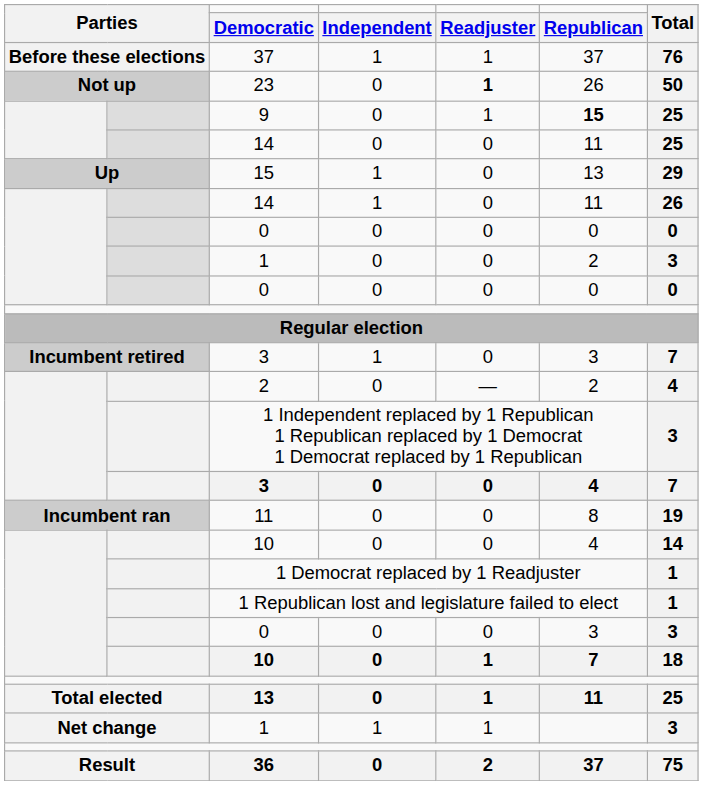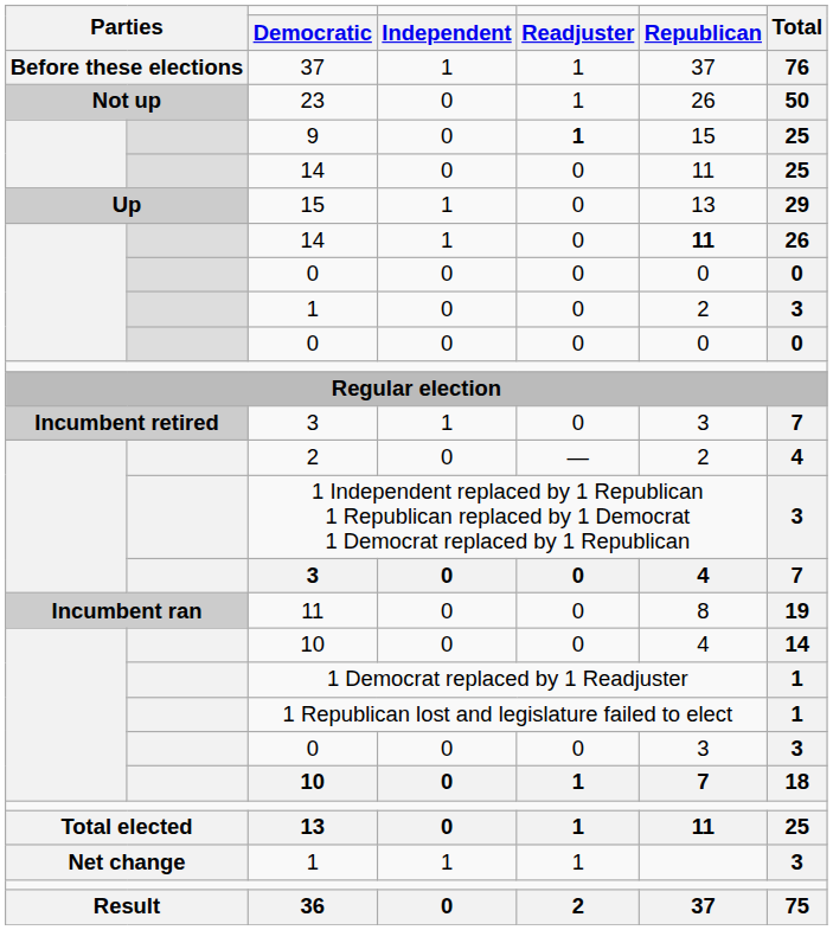 <table class=wikitable style=text-align:center>
 <tr>
 <th colspan=2 rowspan=2>Parties</th>
 <td style="background-color:"></td>
 <td style="background-color:"></td>
 <td style="background-color:"></td>
 <td style="background-color:"></td>
 <th rowspan=2>Total</th>
 </tr>
 <tr valign=bottom>
 <th><a href='#'>Democratic</a></th>
 <th><a href='#'>Independent</a></th>
 <th><a href='#'>Readjuster</a></th>
 <th><a href='#'>Republican</a></th>
 </tr>
 <tr>
 <th colspan=2>Before these elections</th>
 <td>37</td>
 <td>1</td>
 <td>1</td>
 <td>37</td>
 <th>76</th>
 </tr>
 <tr>
 <th colspan=2 style="background:#ccc">Not up</th>
 <td>23</td>
 <td>0</td>
-<td><strong>1</strong></td>
+<td>1</td>
 <td>26</td>
 <th>50</th>
 </tr>
 <tr>
 <th rowspan=2></th>
 <th style="background:#ddd"></th>
 <td>9</td>
 <td>0</td>
-<td>1</td>
-<td><strong>15</strong></td>
+<td><strong>1</strong></td>
+<td>15</td>
 <th>25</th>
 </tr>
 <tr>
 <th style="background:#ddd"></th>
 <td>14</td>
 <td>0</td>
 <td>0</td>
 <td>11</td>
 <th>25</th>
 </tr>
 <tr>
 <th colspan=2 style="background:#ccc">Up</th>
 <td>15 </td>
 <td>1</td>
 <td>0</td>
 <td>13 </td>
 <th>29 </th>
 </tr>
 <tr>
 <th rowspan=4></th>
 <th style="background:#ddd"></th>
 <td>14</td>
 <td>1</td>
 <td>0</td>
-<td>11</td>
+<td><strong>11</strong></td>
 <th>26</th>
 </tr>
 <tr>
 <th style="background:#ddd"></th>
 <td>0</td>
 <td>0</td>
 <td>0</td>
 <td>0</td>
 <th>0</th>
 </tr>
 <tr>
 <th style="background:#ddd"></th>
 <td>1</td>
 <td>0</td>
 <td>0</td>
 <td>2</td>
 <th>3</th>
 </tr>
 <tr>
 <th style="background:#ddd"></th>
 <td>0</td>
 <td>0</td>
 <td>0</td>
 <td>0</td>
 <th>0</th>
 </tr>
 <tr>
 <td colspan=99></td>
 </tr>
 <tr>
 <th colspan=7 style="background:#bbb">Regular election</th>
 </tr>
 <tr>
 <th colspan=2 style="background:#ccc">Incumbent retired</th>
 <td>3</td>
 <td>1</td>
 <td>0</td>
 <td>3</td>
 <th>7</th>
 </tr>
 <tr>
 <th rowspan=3></th>
 <th></th>
 <td>2</td>
 <td>0</td>
 <td>—</td>
 <td>2</td>
 <th>4</th>
 </tr>
 <tr>
 <th></th>
 <td colspan=4>1 Independent replaced by 1 Republican<br>1 Republican replaced by 1 Democrat<br>1 Democrat replaced by 1 Republican</td>
 <th>3</th>
 </tr>
 <tr>
 <th></th>
 <th>3</th>
 <th>0</th>
 <th>0</th>
 <th>4</th>
 <th>7</th>
 </tr>
 <tr>
 <th colspan=2 style="background:#ccc">Incumbent ran</th>
 <td>11</td>
 <td>0</td>
 <td>0</td>
 <td>8</td>
 <th>19</th>
 </tr>
 <tr>
 <th rowspan=5></th>
 <th></th>
 <td>10</td>
 <td>0</td>
 <td>0</td>
 <td>4</td>
 <th>14</th>
 </tr>
 <tr>
 <th></th>
 <td colspan=4>1 Democrat replaced by 1 Readjuster</td>
 <th>1</th>
 </tr>
 <tr>
 <th></th>
 <td colspan=4>1 Republican lost and legislature failed to elect</td>
 <th>1</th>
 </tr>
 <tr>
 <th></th>
 <td>0</td>
 <td>0</td>
 <td>0</td>
 <td>3</td>
 <th>3</th>
 </tr>
 <tr>
 <th></th>
 <th>10</th>
 <th>0</th>
 <th>1</th>
 <th>7</th>
 <th>18</th>
 </tr>
 <tr>
 <td colspan=99></td>
 </tr>
 <tr>
 <th colspan=2>Total elected</th>
 <th>13</th>
 <th>0</th>
 <th>1</th>
 <th>11</th>
 <th>25</th>
 </tr>
 <tr>
 <th colspan=2>Net change</th>
 <td>1</td>
 <td>1</td>
 <td>1</td>
 <td></td>
 <th>3</th>
 </tr>
 <tr>
 <td colspan=99></td>
 </tr>
 <tr>
 <th colspan=2><strong>Result</strong></th>
 <th>36</th>
 <th>0</th>
 <th>2</th>
 <th>37</th>
 <th>75</th>
 </tr>
 </table>
